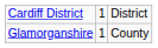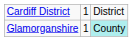 <table class="wikitable sortable">
 <tr>
 <td><a href='#'>Cardiff District</a></td>
 <td align="center">1</td>
 <td>District</td>
 </tr>
 <tr>
 <td><a href='#'>Glamorganshire</a></td>
 <td>1</td>
-<td>County</td>
+<td style="background: paleturquoise;">County</td>
 </tr>
 </table>
